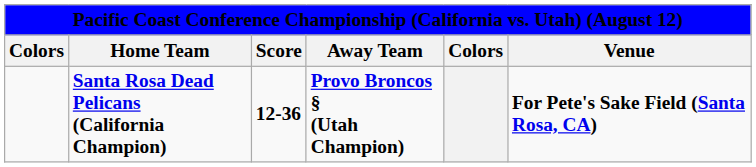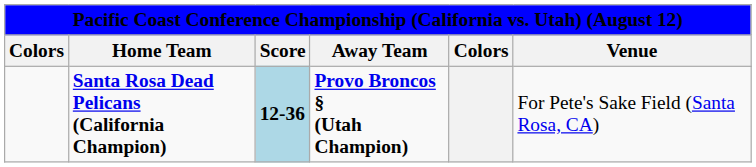 <table class="wikitable sortable" style="width: 99%">
 <tr>
 <td colspan="6" align="center" bgcolor="blue"><strong><span>Pacific Coast Conference Championship (California vs. Utah) (August 12)</span></strong></td>
 </tr>
 <tr>
 <th>Colors</th>
 <th>Home Team</th>
 <th>Score</th>
 <th>Away Team</th>
 <th>Colors</th>
 <th>Venue</th>
 </tr>
 <tr>
 <td></td>
 <td><strong><a href='#'>Santa Rosa Dead Pelicans</a></strong><br><strong>(California Champion)</strong></td>
-<td><strong>12-36</strong></td>
+<td style="background: lightblue;"><strong>12-36</strong></td>
 <td><strong><a href='#'>Provo Broncos</a> §</strong><br><strong>(Utah Champion)</strong></td>
 <th></th>
-<td><strong>For Pete's Sake Field (<a href='#'>Santa Rosa, CA</a>)</strong></td>
+<td>For Pete's Sake Field (<a href='#'>Santa Rosa, CA</a>)</td>
 </tr>
 </table>
